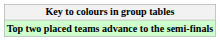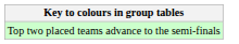 <table class="wikitable">
 <tr>
 <th>Key to colours in group tables</th>
 </tr>
 <tr bgcolor=#ccffcc>
-<td><strong>Top two placed teams advance to the semi-finals</strong></td>
+<td>Top two placed teams advance to the semi-finals</td>
 </tr>
 </table>
